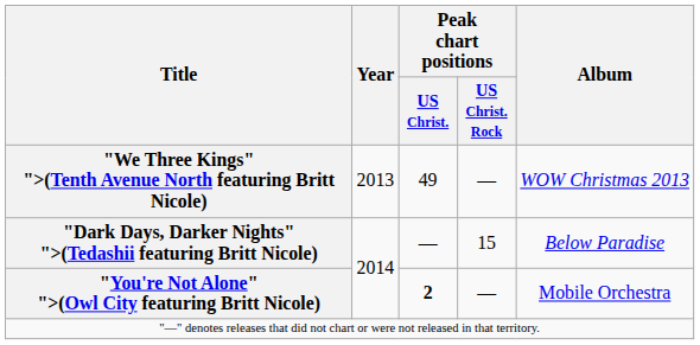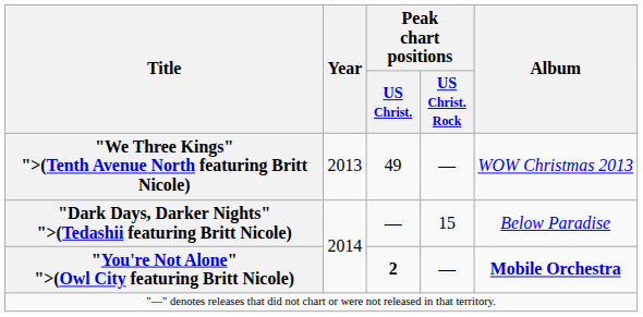 <table class="wikitable plainrowheaders" style="text-align:center;" border="1">
 <tr>
 <th scope="col" rowspan="2" style="width:18em;">Title</th>
 <th scope="col" rowspan="2">Year</th>
 <th scope="col" colspan="2">Peak<br>chart<br>positions</th>
 <th scope="col" rowspan="2">Album</th>
 </tr>
 <tr>
 <th scope="col" style="width:3em;font-size:90%;"><a href='#'>US<br><small>Christ.</small></a><br></th>
 <th scope="col" style="width:3em;font-size:90%;"><a href='#'>US<br><small>Christ.<br>Rock</small></a><br></th>
 </tr>
 <tr>
 <th scope="row">"We Three Kings"<br><span>">(<a href='#'>Tenth Avenue North</a> featuring Britt Nicole)</span></th>
 <td>2013</td>
 <td>49</td>
 <td>—</td>
 <td><em><a href='#'>WOW Christmas 2013</a></em></td>
 </tr>
 <tr>
 <th scope="row">"Dark Days, Darker Nights"<br><span>">(<a href='#'>Tedashii</a> featuring Britt Nicole)</span></th>
 <td rowspan="2">2014</td>
 <td>—</td>
 <td>15</td>
 <td><em><a href='#'>Below Paradise</a></em></td>
 </tr>
 <tr>
 <th scope="row">"<a href='#'>You're Not Alone</a>"<br><span>">(<a href='#'>Owl City</a> featuring Britt Nicole)</span></th>
 <td><strong>2</strong></td>
 <td>—</td>
-<td><a href='#'>Mobile Orchestra</a></td>
+<td><strong><a href='#'>Mobile Orchestra</a></strong></td>
 </tr>
 <tr>
 <td align="center" colspan="14" style="font-size:8pt">"—" denotes releases that did not chart or were not released in that territory.</td>
 </tr>
 </table>
